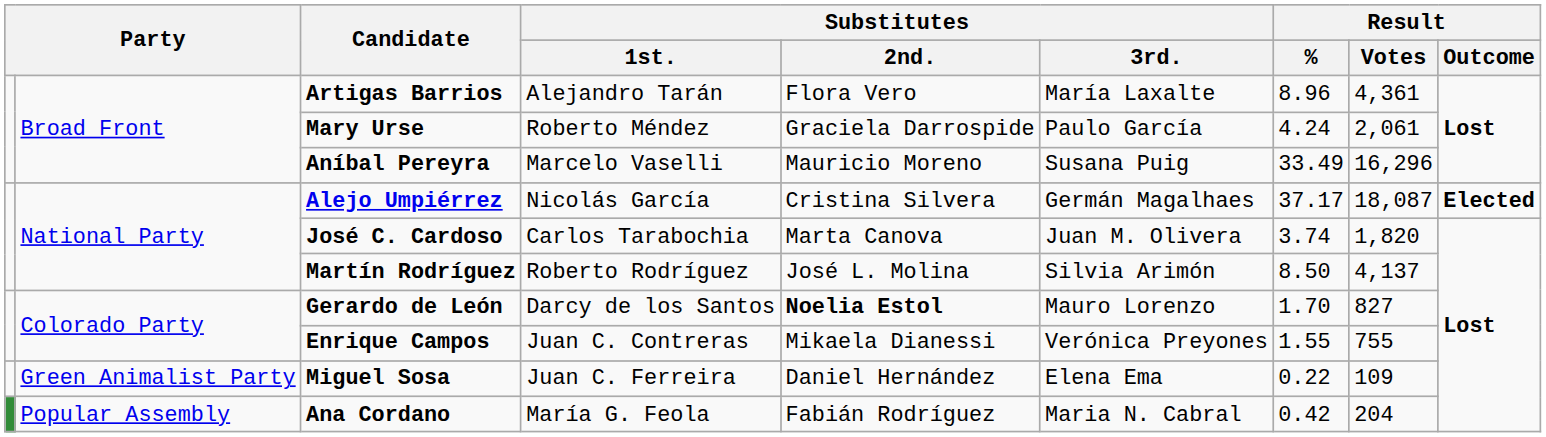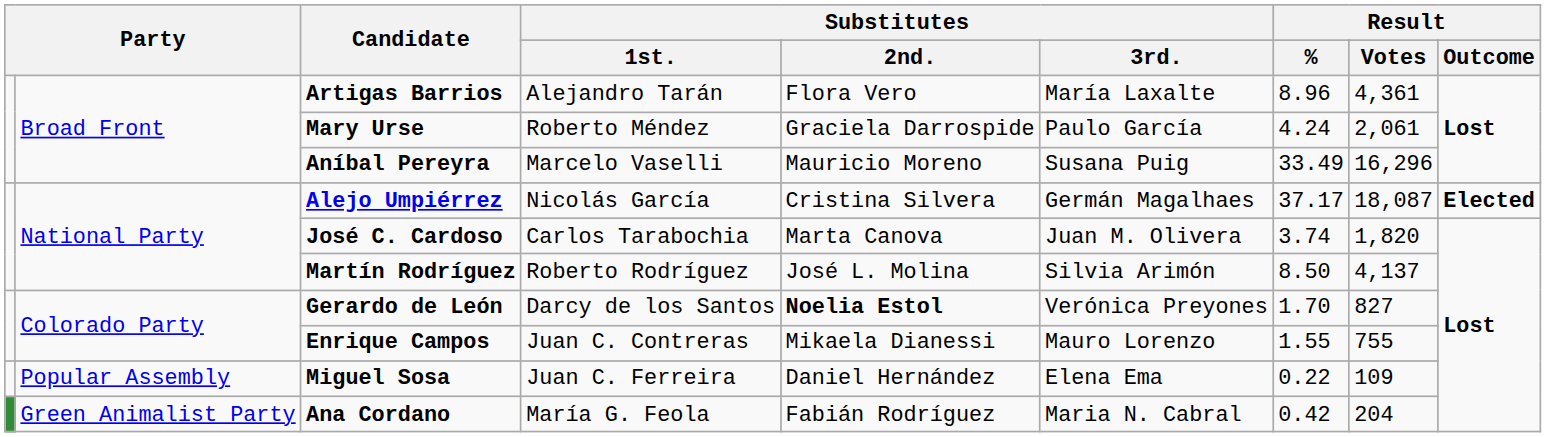 <table class="wikitable">
 <tr>
 <th colspan="2" rowspan="2">Party</th>
 <th rowspan="2">Candidate</th>
 <th colspan="3">Substitutes</th>
 <th colspan="3">Result</th>
 </tr>
 <tr>
 <th>1st.</th>
 <th>2nd.</th>
 <th>3rd.</th>
 <th>%</th>
 <th>Votes</th>
 <th>Outcome</th>
 </tr>
 <tr>
 <td rowspan="3" style="background:"></td>
 <td rowspan="3"><a href='#'>Broad Front</a></td>
 <td><strong>Artigas Barrios</strong></td>
 <td>Alejandro Tarán</td>
 <td>Flora Vero</td>
 <td>María Laxalte</td>
 <td>8.96</td>
 <td>4,361</td>
 <td rowspan="3"><strong>Lost</strong> </td>
 </tr>
 <tr>
 <td><strong>Mary Urse</strong></td>
 <td>Roberto Méndez</td>
 <td>Graciela Darrospide</td>
 <td>Paulo García</td>
 <td>4.24</td>
 <td>2,061</td>
 </tr>
 <tr>
 <td><strong>Aníbal Pereyra</strong></td>
 <td>Marcelo Vaselli</td>
 <td>Mauricio Moreno</td>
 <td>Susana Puig</td>
 <td>33.49</td>
 <td>16,296</td>
 </tr>
 <tr>
 <td rowspan="3" style="background:"></td>
 <td rowspan="3"><a href='#'>National Party</a></td>
 <td><strong><a href='#'>Alejo Umpiérrez</a></strong></td>
 <td>Nicolás García</td>
 <td>Cristina Silvera</td>
 <td>Germán Magalhaes</td>
 <td>37.17</td>
 <td>18,087</td>
 <td><strong>Elected</strong> </td>
 </tr>
 <tr>
 <td><strong>José C. Cardoso</strong></td>
 <td>Carlos Tarabochia</td>
 <td>Marta Canova</td>
 <td>Juan M. Olivera</td>
 <td>3.74</td>
 <td>1,820</td>
 <td rowspan="6"><strong>Lost</strong> </td>
 </tr>
 <tr>
 <td><strong>Martín Rodríguez</strong></td>
 <td>Roberto Rodríguez</td>
 <td>José L. Molina</td>
 <td>Silvia Arimón</td>
 <td>8.50</td>
 <td>4,137</td>
 </tr>
 <tr>
 <td rowspan="2" style="background:"></td>
 <td rowspan="2"><a href='#'>Colorado Party</a></td>
 <td><strong>Gerardo de León</strong></td>
 <td>Darcy de los Santos</td>
 <td><strong>Noelia Estol</strong></td>
-<td>Mauro Lorenzo</td>
+<td>Verónica Preyones</td>
 <td>1.70</td>
 <td>827</td>
 </tr>
 <tr>
 <td><strong>Enrique Campos</strong></td>
 <td>Juan C. Contreras</td>
 <td>Mikaela Dianessi</td>
-<td>Verónica Preyones</td>
+<td>Mauro Lorenzo</td>
 <td>1.55</td>
 <td>755</td>
 </tr>
 <tr>
 <td style="background:"></td>
-<td><a href='#'>Green Animalist Party</a></td>
+<td><a href='#'>Popular Assembly</a></td>
 <td><strong>Miguel Sosa</strong></td>
 <td>Juan C. Ferreira</td>
 <td>Daniel Hernández</td>
 <td>Elena Ema</td>
 <td>0.22</td>
 <td>109</td>
 </tr>
 <tr>
 <td style="background:#318C38"></td>
-<td><a href='#'>Popular Assembly</a></td>
+<td><a href='#'>Green Animalist Party</a></td>
 <td><strong>Ana Cordano</strong></td>
 <td>María G. Feola</td>
 <td>Fabián Rodríguez</td>
 <td>Maria N. Cabral</td>
 <td>0.42</td>
 <td>204</td>
 </tr>
 </table>
